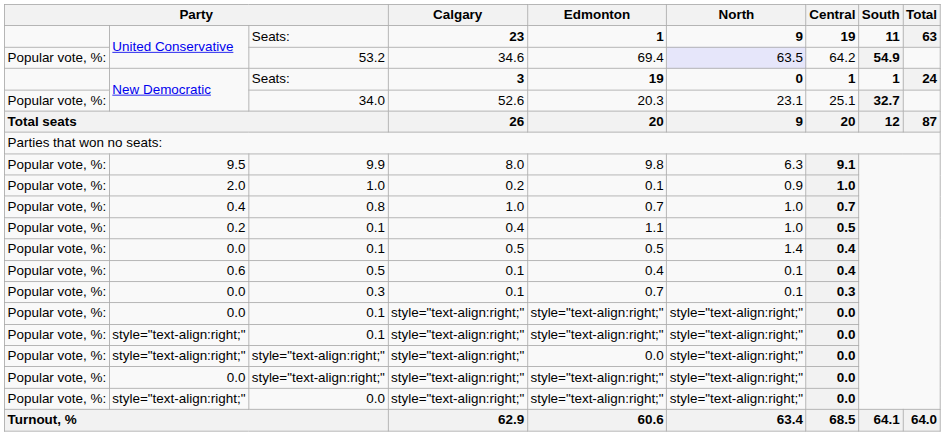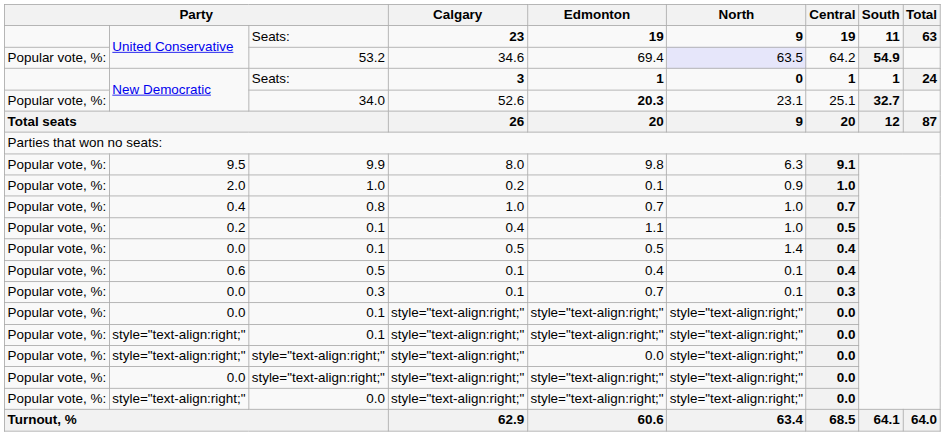 <table class="wikitable">
 <tr>
 <th style="text-align:center;" colspan="3">Party</th>
 <th style="text-align:center;">Calgary</th>
 <th style="text-align:center;">Edmonton</th>
 <th style="text-align:center;">North </th>
 <th style="text-align:center;">Central</th>
 <th style="text-align:center;">South</th>
 <th style="text-align:center;">Total</th>
 </tr>
 <tr>
 <td>    </td>
 <td rowspan="2"><a href='#'>United Conservative</a></td>
 <td>Seats:</td>
 <td style="text-align:right;"><strong>23</strong></td>
-<td style="text-align:right;"><strong>1</strong></td>
+<td style="text-align:right;"><strong>19</strong></td>
 <td style="text-align:right;"><strong>9</strong></td>
 <td style="text-align:right;"><strong>19</strong></td>
 <td style="text-align:right;"><strong>11</strong></td>
 <th style="text-align:right;">63</th>
 </tr>
 <tr>
 <td>Popular vote, %:</td>
 <td style="text-align:right;">53.2</td>
 <td style="text-align:right;">34.6</td>
 <td style="text-align:right;">69.4</td>
 <td style="background: lavender; text-align:right;">63.5</td>
 <td style="text-align:right;">64.2</td>
 <th style="text-align:right;">54.9</th>
 </tr>
 <tr>
 <td>    </td>
 <td rowspan="2"><a href='#'>New Democratic</a></td>
 <td>Seats:</td>
 <td style="text-align:right;"><strong>3</strong></td>
-<td style="text-align:right;"><strong>19</strong></td>
+<td style="text-align:right;"><strong>1</strong></td>
 <td style="text-align:right;"><strong>0</strong></td>
 <td style="text-align:right;"><strong>1</strong></td>
 <td style="text-align:right;"><strong>1</strong></td>
 <th style="text-align:right;">24</th>
 </tr>
 <tr>
 <td>Popular vote, %:</td>
 <td style="text-align:right;">34.0</td>
 <td style="text-align:right;">52.6</td>
-<td style="text-align:right;">20.3</td>
+<td style="text-align:right;"><strong>20.3</strong></td>
 <td style="text-align:right;">23.1</td>
 <td style="text-align:right;">25.1</td>
 <th style="text-align:right;">32.7</th>
 </tr>
 <tr>
 <th style="text-align:left;" colspan="3">Total seats</th>
 <th style="text-align:right;">26</th>
 <th style="text-align:right;">20</th>
 <th style="text-align:right;">9</th>
 <th style="text-align:right;">20</th>
 <th style="text-align:right;">12</th>
 <th style="text-align:right;">87</th>
 </tr>
 <tr>
 <td colspan="9">Parties that won no seats:</td>
 </tr>
 <tr>
 <td>Popular vote, %:</td>
 <td style="text-align:right;">9.5</td>
 <td style="text-align:right;">9.9</td>
 <td style="text-align:right;">8.0</td>
 <td style="text-align:right;">9.8</td>
 <td style="text-align:right;">6.3</td>
 <th style="text-align:right;">9.1</th>
 </tr>
 <tr>
 <td>Popular vote, %:</td>
 <td style="text-align:right;">2.0</td>
 <td style="text-align:right;">1.0</td>
 <td style="text-align:right;">0.2</td>
 <td style="text-align:right;">0.1</td>
 <td style="text-align:right;">0.9</td>
 <th style="text-align:right;">1.0</th>
 </tr>
 <tr>
 <td>Popular vote, %:</td>
 <td style="text-align:right;">0.4</td>
 <td style="text-align:right;">0.8</td>
 <td style="text-align:right;">1.0</td>
 <td style="text-align:right;">0.7</td>
 <td style="text-align:right;">1.0</td>
 <th style="text-align:right;">0.7</th>
 </tr>
 <tr>
 <td>Popular vote, %:</td>
 <td style="text-align:right;">0.2</td>
 <td style="text-align:right;">0.1</td>
 <td style="text-align:right;">0.4</td>
 <td style="text-align:right;">1.1</td>
 <td style="text-align:right;">1.0</td>
 <th style="text-align:right;">0.5</th>
 </tr>
 <tr>
 <td>Popular vote, %:</td>
 <td style="text-align:right;">0.0</td>
 <td style="text-align:right;">0.1</td>
 <td style="text-align:right;">0.5</td>
 <td style="text-align:right;">0.5</td>
 <td style="text-align:right;">1.4</td>
 <th style="text-align:right;">0.4</th>
 </tr>
 <tr>
 <td>Popular vote, %:</td>
 <td style="text-align:right;">0.6</td>
 <td style="text-align:right;">0.5</td>
 <td style="text-align:right;">0.1</td>
 <td style="text-align:right;">0.4</td>
 <td style="text-align:right;">0.1</td>
 <th style="text-align:right;">0.4</th>
 </tr>
 <tr>
 <td>Popular vote, %:</td>
 <td style="text-align:right;">0.0</td>
 <td style="text-align:right;">0.3</td>
 <td style="text-align:right;">0.1</td>
 <td style="text-align:right;">0.7</td>
 <td style="text-align:right;">0.1</td>
 <th style="text-align:right;">0.3</th>
 </tr>
 <tr>
 <td>Popular vote, %:</td>
 <td style="text-align:right;">0.0</td>
 <td style="text-align:right;">0.1</td>
 <td>style="text-align:right;"</td>
 <td>style="text-align:right;"</td>
 <td>style="text-align:right;"</td>
 <th style="text-align:right;">0.0</th>
 </tr>
 <tr>
 <td>Popular vote, %:</td>
 <td>style="text-align:right;"</td>
 <td style="text-align:right;">0.1</td>
 <td>style="text-align:right;"</td>
 <td>style="text-align:right;"</td>
 <td>style="text-align:right;"</td>
 <th style="text-align:right;">0.0</th>
 </tr>
 <tr>
 <td>Popular vote, %:</td>
 <td>style="text-align:right;"</td>
 <td>style="text-align:right;"</td>
 <td>style="text-align:right;"</td>
 <td style="text-align:right;">0.0</td>
 <td>style="text-align:right;"</td>
 <th style="text-align:right;">0.0</th>
 </tr>
 <tr>
 <td>Popular vote, %:</td>
 <td style="text-align:right;">0.0</td>
 <td>style="text-align:right;"</td>
 <td>style="text-align:right;"</td>
 <td>style="text-align:right;"</td>
 <td>style="text-align:right;"</td>
 <th style="text-align:right;">0.0</th>
 </tr>
 <tr>
 <td>Popular vote, %:</td>
 <td>style="text-align:right;"</td>
 <td style="text-align:right;">0.0</td>
 <td>style="text-align:right;"</td>
 <td>style="text-align:right;"</td>
 <td>style="text-align:right;"</td>
 <th style="text-align:right;">0.0</th>
 </tr>
 <tr>
 <th style="text-align:left;" colspan="3">Turnout, %</th>
 <th style="text-align:right;">62.9</th>
 <th style="text-align:right;">60.6</th>
 <th style="text-align:right;">63.4</th>
 <th style="text-align:right;">68.5</th>
 <th style="text-align:right;">64.1</th>
 <th style="text-align:right;">64.0</th>
 </tr>
 </table>
